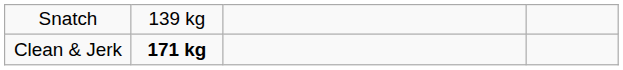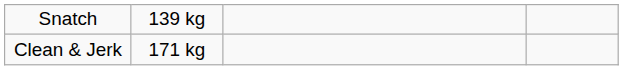 <table class = "wikitable" style="text-align:center;">
 <tr>
 <td width=100>Snatch</td>
 <td width=70>139 kg</td>
 <td width=250 align=left></td>
 <td width=70></td>
 </tr>
 <tr>
 <td>Clean & Jerk</td>
-<td><strong>171 kg</strong></td>
+<td>171 kg</td>
 <td align=left></td>
 <td></td>
 </tr>
 </table>
